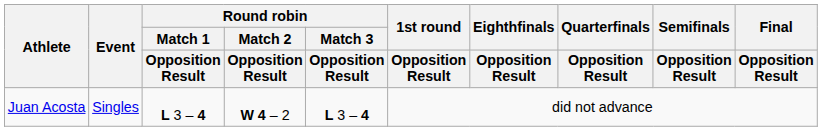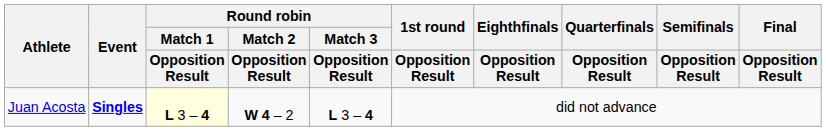 <table class="wikitable" border="1" style="font-size:90%">
 <tr>
 <th rowspan=3>Athlete</th>
 <th rowspan=3>Event</th>
 <th colspan=3>Round robin</th>
 <th rowspan=2>1st round</th>
 <th rowspan=2>Eighthfinals</th>
 <th rowspan=2>Quarterfinals</th>
 <th rowspan=2>Semifinals</th>
 <th rowspan=2>Final</th>
 </tr>
 <tr>
 <th>Match 1</th>
 <th>Match 2</th>
 <th>Match 3</th>
 </tr>
 <tr>
 <th>Opposition<br>Result</th>
 <th>Opposition<br>Result</th>
 <th>Opposition<br>Result</th>
 <th>Opposition<br>Result</th>
 <th>Opposition<br>Result</th>
 <th>Opposition<br>Result</th>
 <th>Opposition<br>Result</th>
 <th>Opposition<br>Result</th>
 </tr>
 <tr>
 <td><a href='#'>Juan Acosta</a></td>
-<td><a href='#'>Singles</a></td>
-<td align=center><br><strong>L</strong> 3 – <strong>4</strong></td>
+<td><strong><a href='#'>Singles</a></strong></td>
+<td align=center style="background: lightyellow;"><br><strong>L</strong> 3 – <strong>4</strong></td>
 <td align=center><br><strong>W</strong> <strong>4</strong> – 2</td>
 <td align=center><br><strong>L</strong> 3 – <strong>4</strong></td>
 <td align="center" colspan="7">did not advance</td>
 </tr>
 </table>
